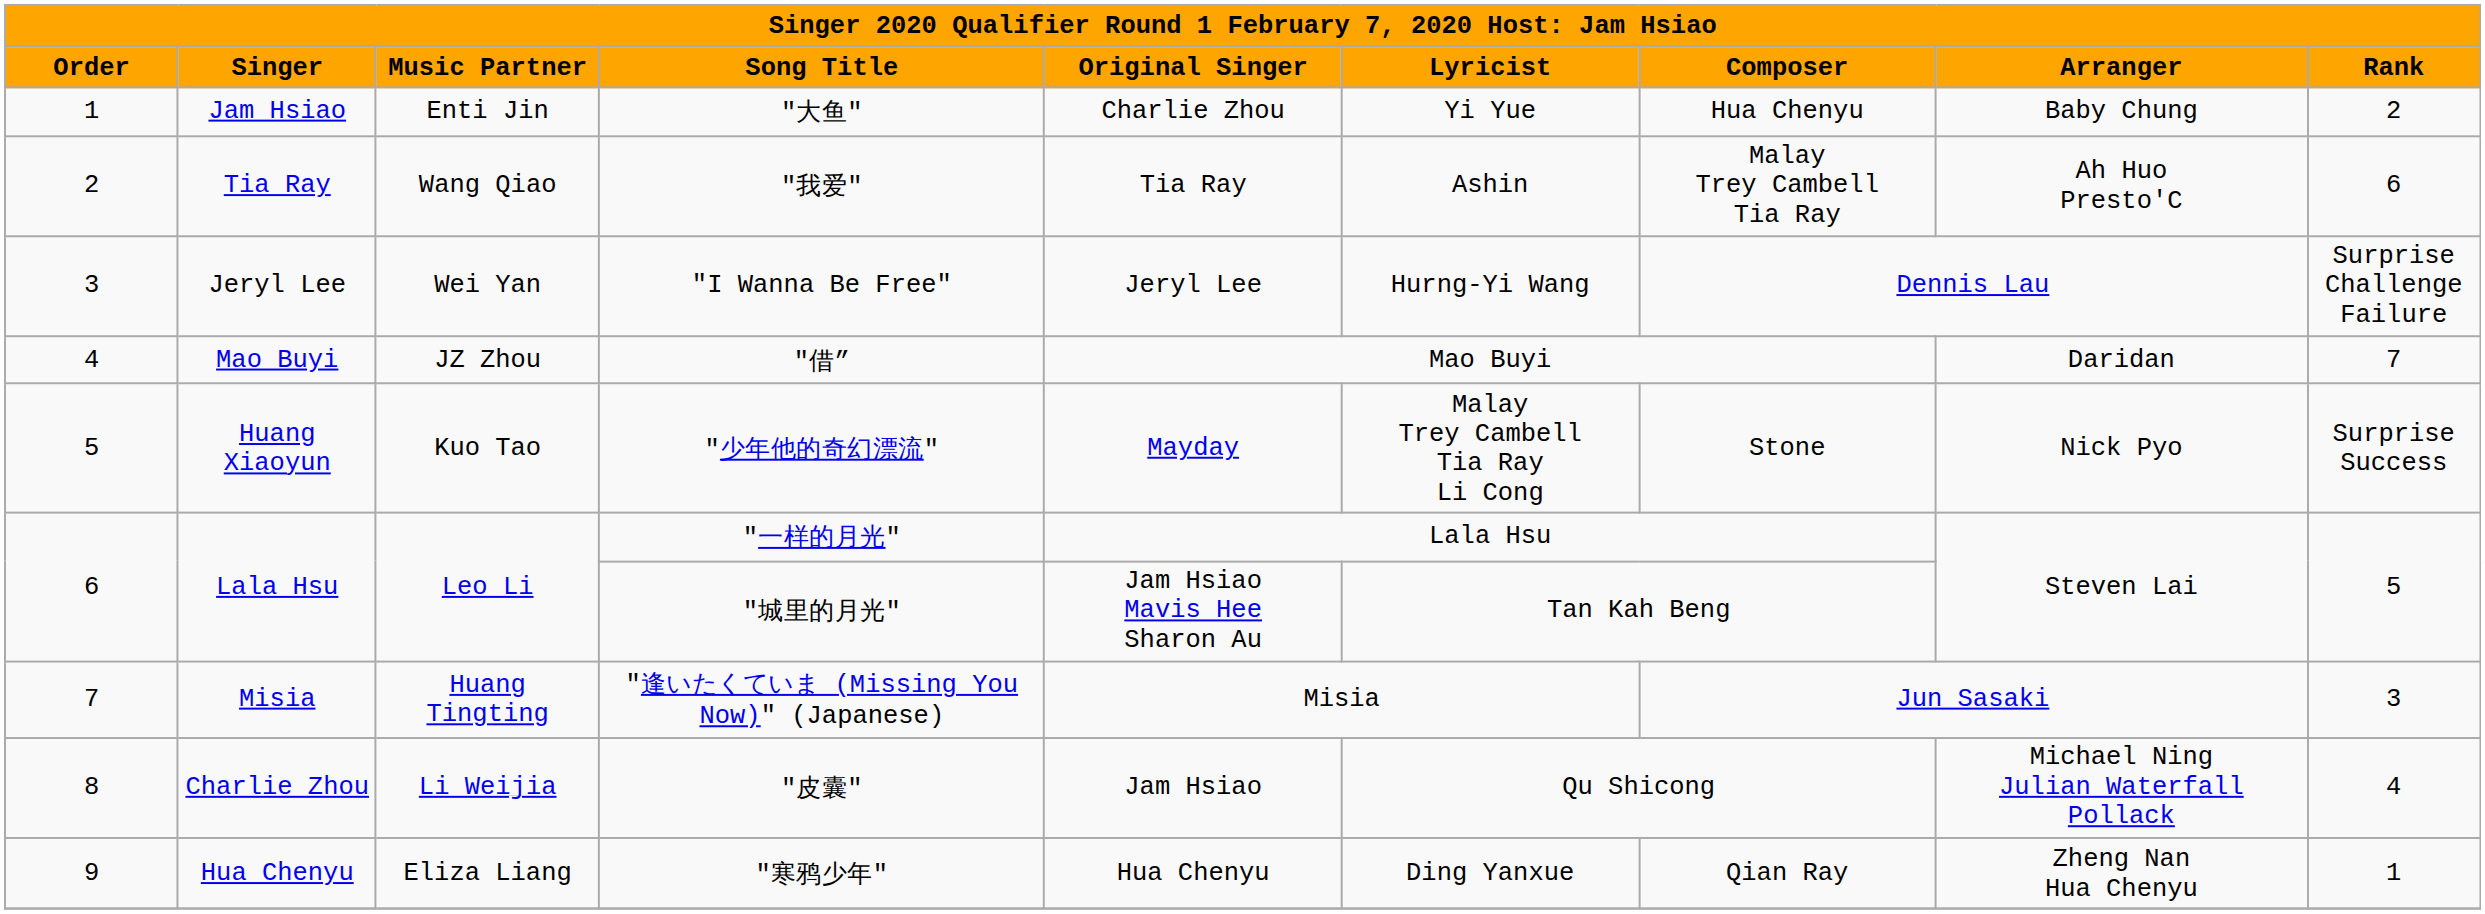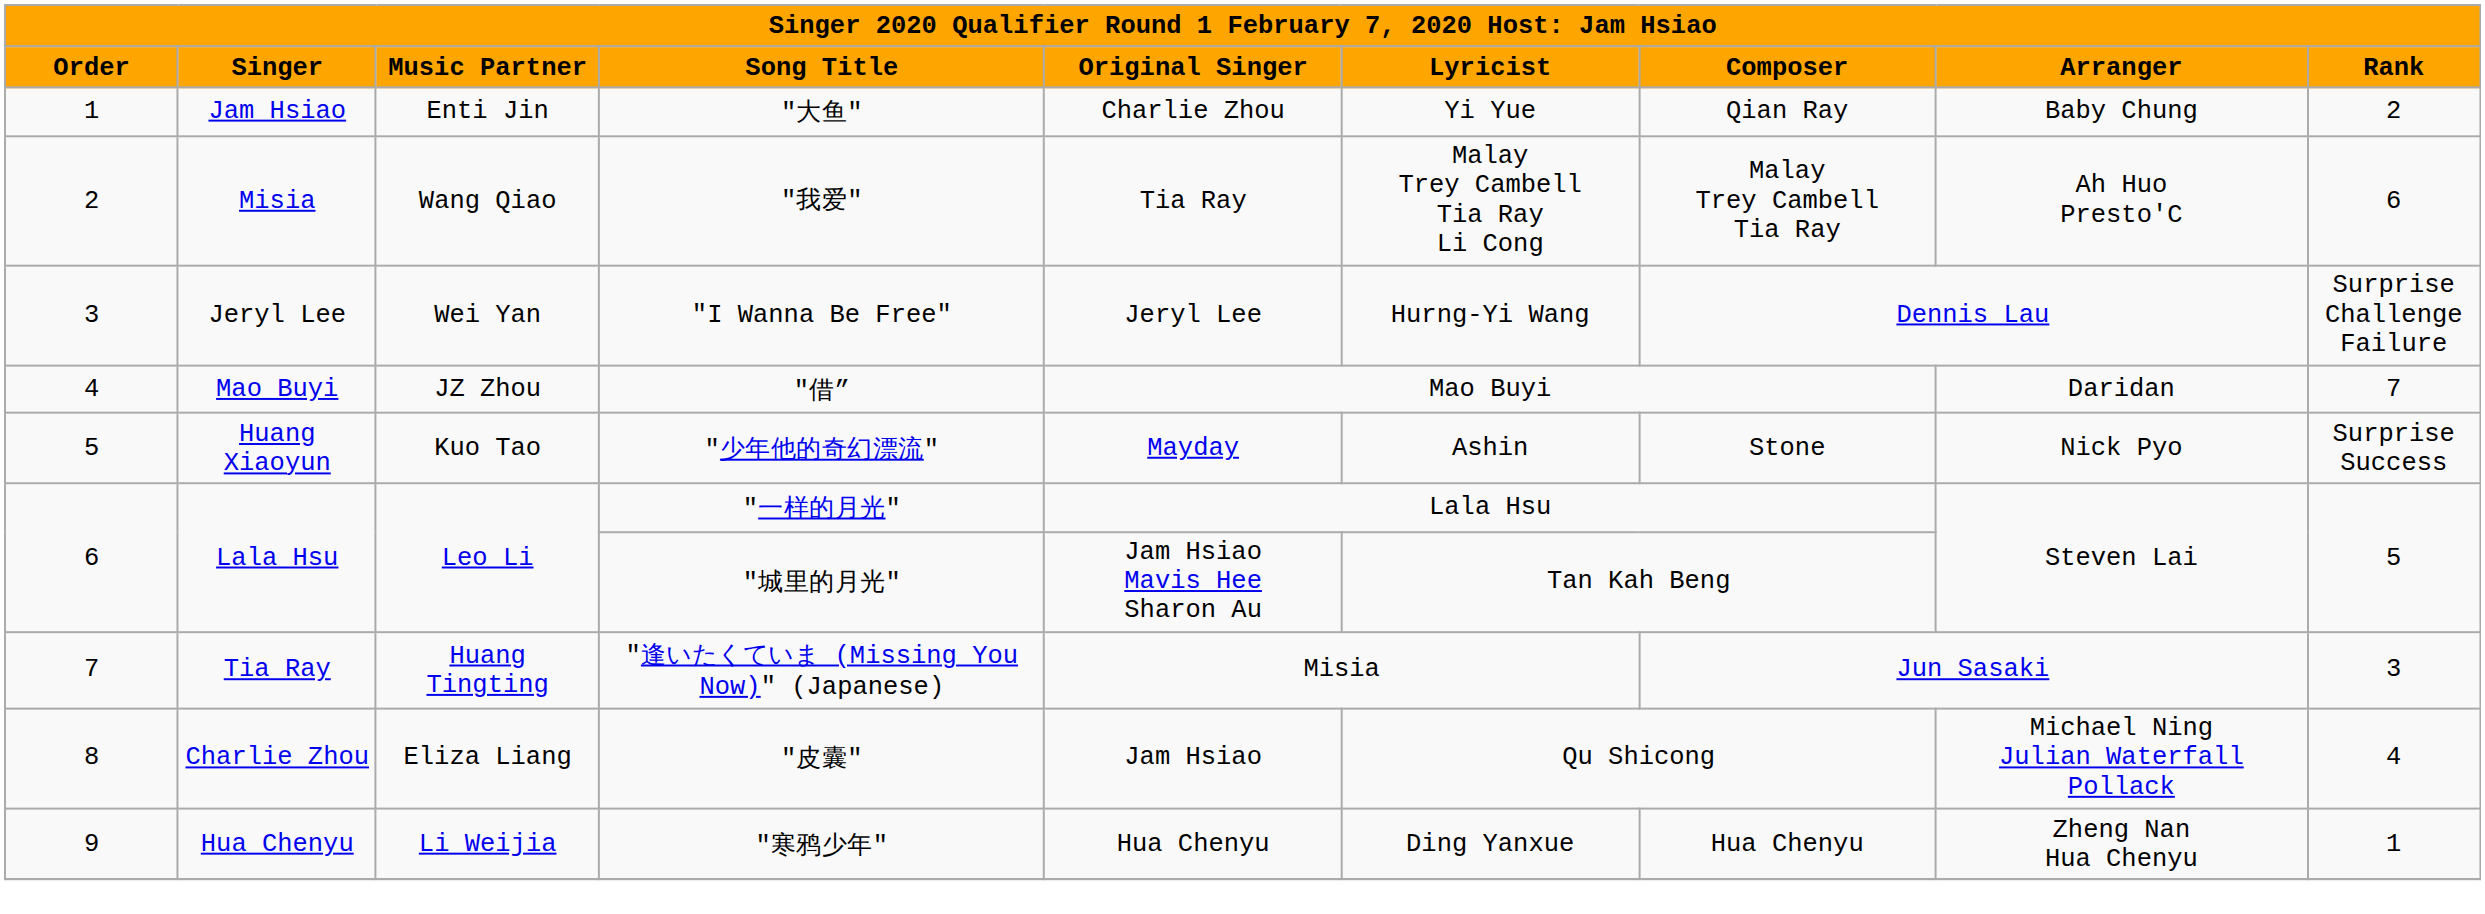 <table class="wikitable sortable mw-collapsible" width="100%" style="text-align:center">
 <tr align=center style="background:orange">
 <td colspan="9"><div><strong>Singer 2020 Qualifier Round 1 February 7, 2020 Host: Jam Hsiao</strong></div></td>
 </tr>
 <tr style="background:orange">
 <td style="width:7%"><strong>Order</strong></td>
 <td style="width:8%"><strong>Singer</strong></td>
 <td style="width:9%"><strong>Music Partner</strong></td>
 <td style="width:18%"><strong>Song Title</strong></td>
 <td style="width:12%"><strong>Original Singer</strong></td>
 <td style="width:12% "><strong>Lyricist</strong></td>
 <td style="width:12%"><strong>Composer</strong></td>
 <td style="width:15%"><strong>Arranger</strong></td>
 <td style="width:7%"><strong>Rank</strong></td>
 </tr>
 <tr>
 <td>1</td>
 <td><a href='#'>Jam Hsiao</a></td>
 <td>Enti Jin</td>
 <td>"大鱼"</td>
 <td>Charlie Zhou</td>
 <td>Yi Yue</td>
-<td>Hua Chenyu</td>
+<td>Qian Ray</td>
 <td>Baby Chung</td>
 <td>2</td>
 </tr>
 <tr>
 <td>2</td>
-<td><a href='#'>Tia Ray</a></td>
+<td><a href='#'>Misia</a></td>
 <td>Wang Qiao</td>
 <td>"我爱"</td>
 <td>Tia Ray</td>
-<td>Ashin</td>
+<td>Malay<br>Trey Cambell<br>Tia Ray<br>Li Cong</td>
 <td>Malay<br>Trey Cambell<br>Tia Ray</td>
 <td>Ah Huo<br>Presto'C</td>
 <td>6</td>
 </tr>
 <tr>
 <td>3</td>
 <td>Jeryl Lee</td>
 <td>Wei Yan</td>
 <td>"I Wanna Be Free"</td>
 <td>Jeryl Lee</td>
 <td>Hurng-Yi Wang</td>
 <td colspan=2><a href='#'>Dennis Lau</a></td>
 <td>Surprise Challenge Failure</td>
 </tr>
 <tr>
 <td>4</td>
 <td><a href='#'>Mao Buyi</a></td>
 <td>JZ Zhou</td>
 <td>"借”</td>
 <td colspan=3>Mao Buyi</td>
 <td>Daridan</td>
 <td>7</td>
 </tr>
 <tr>
 <td>5</td>
 <td><a href='#'>Huang Xiaoyun</a></td>
 <td>Kuo Tao</td>
 <td>"<a href='#'>少年他的奇幻漂流</a>"</td>
 <td><a href='#'>Mayday</a></td>
-<td>Malay<br>Trey Cambell<br>Tia Ray<br>Li Cong</td>
+<td>Ashin</td>
 <td>Stone</td>
 <td>Nick Pyo</td>
 <td>Surprise Success</td>
 </tr>
 <tr>
 <td rowspan=2>6</td>
 <td rowspan=2><a href='#'>Lala Hsu</a></td>
 <td rowspan=2><a href='#'>Leo Li</a></td>
 <td>"<a href='#'>一样的月光</a>"</td>
 <td colspan=3>Lala Hsu</td>
 <td rowspan=2>Steven Lai</td>
 <td rowspan=2>5</td>
 </tr>
 <tr>
 <td>"城里的月光"</td>
 <td>Jam Hsiao<br><a href='#'>Mavis Hee</a><br>Sharon Au</td>
 <td colspan=2>Tan Kah Beng</td>
 </tr>
 <tr>
 <td>7</td>
-<td><a href='#'>Misia</a></td>
+<td><a href='#'>Tia Ray</a></td>
 <td><a href='#'>Huang Tingting</a></td>
 <td>"<a href='#'>逢いたくていま (Missing You Now)</a>" (Japanese)</td>
 <td colspan=2>Misia</td>
 <td colspan=2><a href='#'>Jun Sasaki</a></td>
 <td>3</td>
 </tr>
 <tr>
 <td>8</td>
 <td><a href='#'>Charlie Zhou</a></td>
-<td><a href='#'>Li Weijia</a></td>
+<td>Eliza Liang</td>
 <td>"皮囊"</td>
 <td>Jam Hsiao</td>
 <td colspan=2>Qu Shicong</td>
 <td>Michael Ning<br><a href='#'>Julian Waterfall Pollack</a></td>
 <td>4</td>
 </tr>
 <tr>
 <td>9</td>
 <td><a href='#'>Hua Chenyu</a></td>
-<td>Eliza Liang</td>
+<td><a href='#'>Li Weijia</a></td>
 <td>"寒鸦少年"</td>
 <td>Hua Chenyu</td>
 <td>Ding Yanxue</td>
-<td>Qian Ray</td>
+<td>Hua Chenyu</td>
 <td>Zheng Nan<br>Hua Chenyu</td>
 <td>1</td>
 </tr>
 <tr>
 </tr>
 </table>
